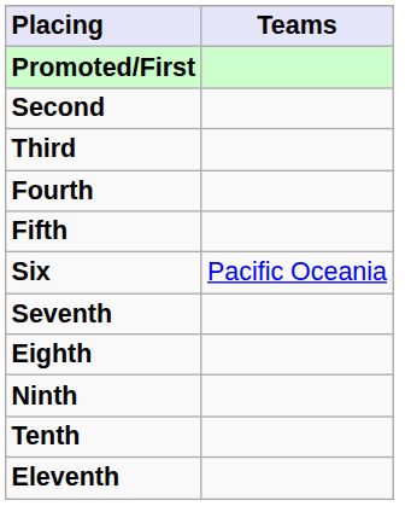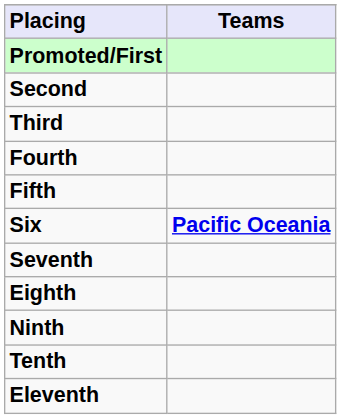 <table class=wikitable>
 <tr>
 </tr>
 <tr style="background: #E6E6FA;">
 <td><strong>Placing</strong></td>
 <td colspan="2" style="text-align:center"><strong>Teams</strong></td>
 </tr>
 <tr style="background: #ccffcc;">
 <td><strong>Promoted/First</strong></td>
 <td><strong></strong></td>
 </tr>
 <tr>
 <td><strong>Second</strong></td>
 <td></td>
 </tr>
 <tr>
 <td><strong>Third</strong></td>
 <td></td>
 </tr>
 <tr>
 <td><strong>Fourth</strong></td>
 <td></td>
 </tr>
 <tr>
 <td><strong>Fifth</strong></td>
 <td></td>
 </tr>
 <tr>
 <td><strong>Six</strong></td>
-<td> <a href='#'>Pacific Oceania</a></td>
+<td><strong> <a href='#'>Pacific Oceania</a></strong></td>
 </tr>
 <tr>
 <td><strong>Seventh</strong></td>
 <td></td>
 </tr>
 <tr>
 <td><strong>Eighth</strong></td>
 <td></td>
 </tr>
 <tr>
 <td><strong>Ninth</strong></td>
 <td></td>
 </tr>
 <tr>
 <td><strong>Tenth</strong></td>
 <td></td>
 </tr>
 <tr>
 <td><strong>Eleventh</strong></td>
 <td></td>
 </tr>
 </table>
